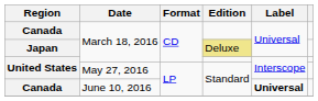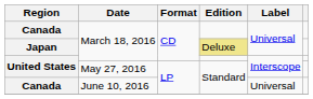 <table class="wikitable plainrowheaders">
 <tr>
 <th scope="col">Region</th>
 <th scope="col">Date</th>
 <th scope="col">Format</th>
 <th scope="col">Edition</th>
 <th scope="col">Label</th>
 <th scope="col"></th>
 </tr>
 <tr>
 <th scope="row">Canada</th>
 <td rowspan="3">March 18, 2016</td>
 <td rowspan="3"><a href='#'>CD</a></td>
 <td></td>
 <td rowspan="2"><a href='#'>Universal</a></td>
 <td align="center"></td>
 </tr>
 <tr>
 <th scope="row">Japan</th>
 <td style="background: khaki;">Deluxe</td>
 <td align="center"></td>
 </tr>
 <tr>
 <th scope="row" rowspan="2">United States</th>
 <td></td>
 <td rowspan="2"><a href='#'>Interscope</a></td>
 <td align="center"></td>
 </tr>
 <tr>
 <td>May 27, 2016</td>
 <td rowspan="2"><a href='#'>LP</a></td>
 <td rowspan="2">Standard</td>
 <td align="center"></td>
 </tr>
 <tr>
 <th scope="row">Canada</th>
 <td>June 10, 2016</td>
-<td><strong>Universal</strong></td>
+<td>Universal</td>
 <td align="center"></td>
 </tr>
 <tr>
 </tr>
 </table>
